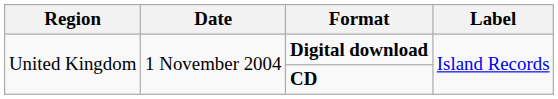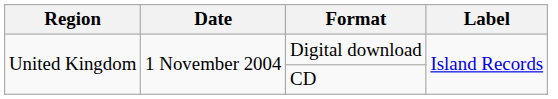 <table class=wikitable>
 <tr>
 <th>Region</th>
 <th>Date</th>
 <th>Format</th>
 <th>Label</th>
 </tr>
 <tr>
 <td rowspan="2">United Kingdom</td>
 <td rowspan="2">1 November 2004</td>
-<td><strong>Digital download</strong></td>
+<td>Digital download</td>
 <td rowspan="2"><a href='#'>Island Records</a></td>
 </tr>
 <tr>
-<td><strong>CD</strong></td>
+<td>CD</td>
 </tr>
 </table>
